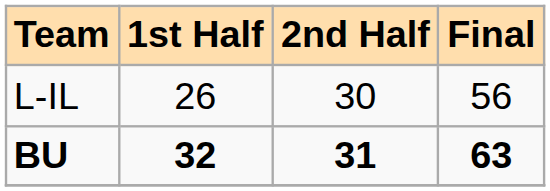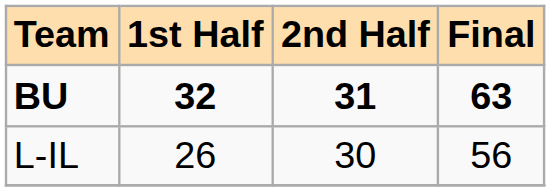 <table class="wikitable" align=right>
 <tr bgcolor=#ffdead align=center>
 <td><strong>Team</strong></td>
 <td><strong>1st Half</strong></td>
 <td><strong>2nd Half</strong></td>
 <td><strong>Final</strong></td>
 </tr>
 <tr>
+<td><strong>BU</strong></td>
+<td align=center><strong>32</strong></td>
+<td align=center><strong>31</strong></td>
+<td align=center><strong>63</strong></td>
+</tr>
+<tr>
 <td>L-IL</td>
 <td align=center>26</td>
 <td align=center>30</td>
 <td align=center>56</td>
 </tr>
 <tr>
-<td><strong>BU</strong></td>
-<td align=center><strong>32</strong></td>
-<td align=center><strong>31</strong></td>
-<td align=center><strong>63</strong></td>
-</tr>
-<tr>
 </tr>
 </table>
